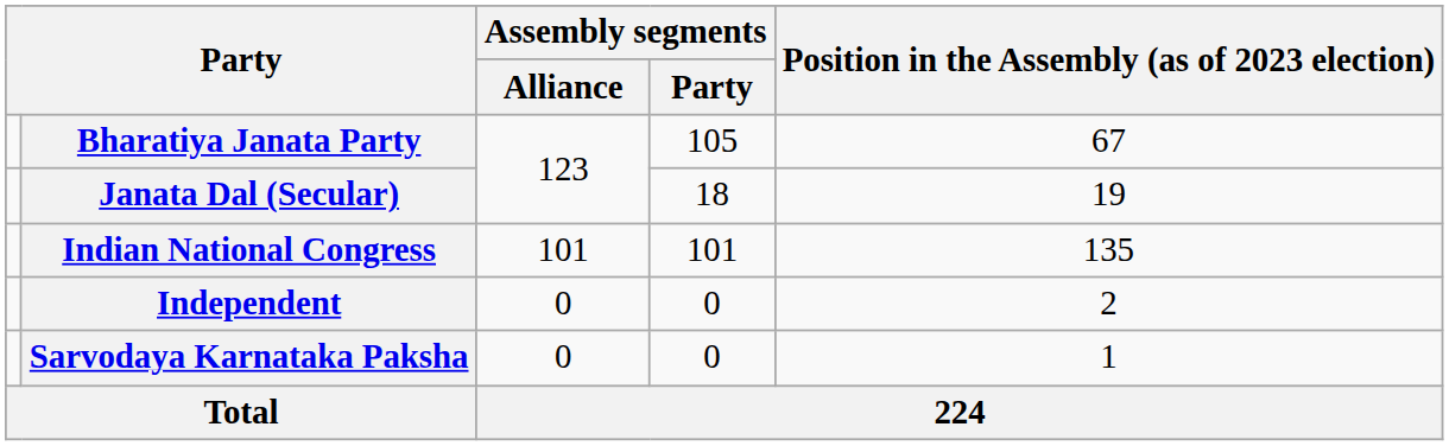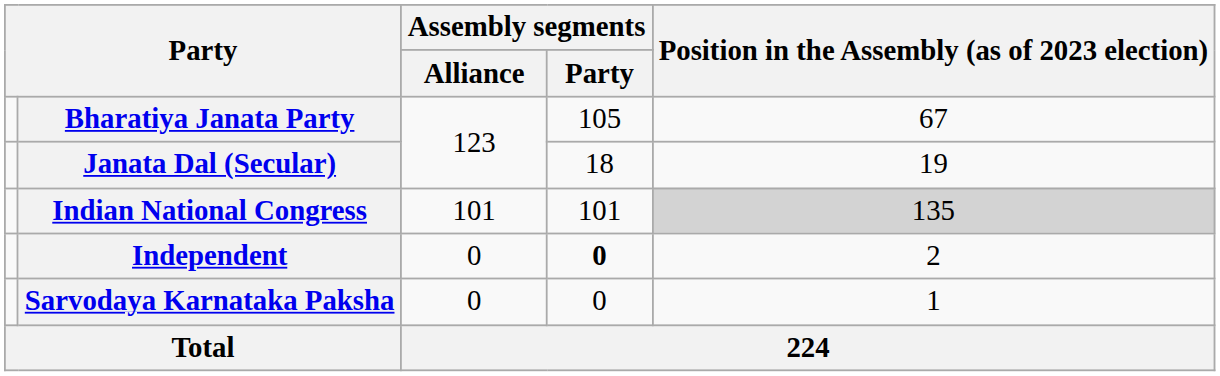 <table class="wikitable" style="text-align:center">
 <tr>
 <th colspan="2" rowspan="2">Party</th>
 <th colspan="2">Assembly segments</th>
 <th rowspan="2">Position in the Assembly (as of 2023 election)</th>
 </tr>
 <tr>
 <th>Alliance</th>
 <th>Party</th>
 </tr>
 <tr>
 <td></td>
 <th><a href='#'>Bharatiya Janata Party</a></th>
 <td rowspan="2">123</td>
 <td>105</td>
 <td>67</td>
 </tr>
 <tr>
 <td></td>
 <th><a href='#'>Janata Dal (Secular)</a></th>
 <td>18</td>
 <td>19</td>
 </tr>
 <tr>
 <td></td>
 <th><a href='#'>Indian National Congress</a></th>
 <td>101</td>
 <td>101</td>
-<td>135</td>
+<td style="background: lightgrey;">135</td>
 </tr>
 <tr>
 <td></td>
 <th><a href='#'>Independent</a></th>
 <td>0</td>
-<td>0</td>
+<td><strong>0</strong></td>
 <td>2</td>
 </tr>
 <tr>
 <td></td>
 <th><a href='#'>Sarvodaya Karnataka Paksha</a></th>
 <td>0</td>
 <td>0</td>
 <td>1</td>
 </tr>
 <tr>
 <th colspan="2">Total</th>
 <th colspan="4">224</th>
 </tr>
 </table>
